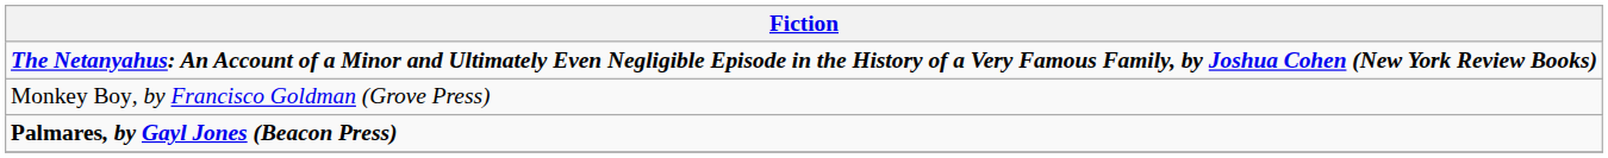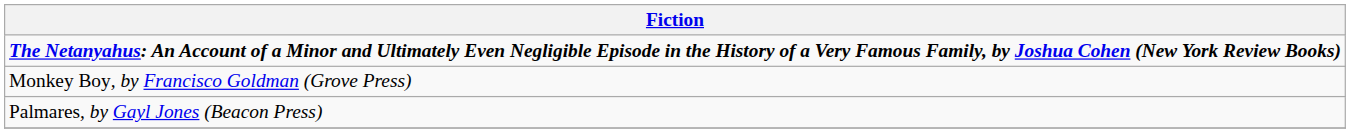 <table class="wikitable" style="float:left; float:none;">
 <tr>
 <th><a href='#'>Fiction</a></th>
 </tr>
 <tr>
 <td><strong><em><a href='#'>The Netanyahus</a>: An Account of a Minor and Ultimately Even Negligible Episode in the History of a Very Famous Family<em>, by <a href='#'>Joshua Cohen</a> (New York Review Books)<strong></td>
 </tr>
 <tr>
 <td></em>Monkey Boy<em>, by <a href='#'>Francisco Goldman</a> (Grove Press)</td>
 </tr>
 <tr>
-<td><strong></em>Palmares<em>, by <a href='#'>Gayl Jones</a> (Beacon Press)</strong></td>
+<td></em>Palmares<em>, by <a href='#'>Gayl Jones</a> (Beacon Press)</td>
 </tr>
 <tr>
 </tr>
 </table>
